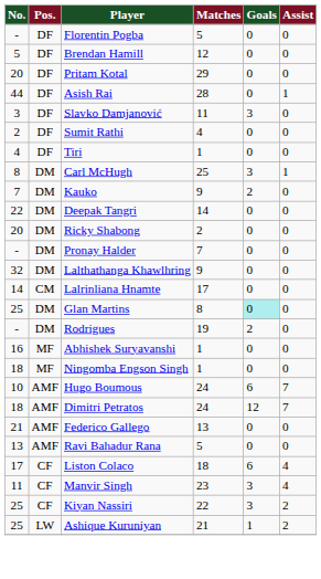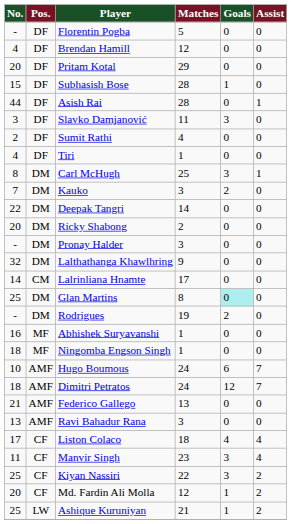 <table class="wikitable plainrowheaders sortable">
 <tr>
 <th style="background:#1A5026; color:#FFFFFF; ">No.</th>
 <th style="background:#7A1024; color:#FFFFFF; ">Pos.</th>
 <th style="background:#1A5026; color:#FFFFFF; ">Player</th>
 <th style="background:#7A1024; color:#FFFFFF; ">Matches</th>
 <th style="background:#1A5026; color:#FFFFFF; ">Goals</th>
 <th style="background:#7A1024; color:#FFFFFF; ">Assist</th>
 </tr>
 <tr>
 <td align=center>-</td>
 <td align=center>DF</td>
 <td> <a href='#'>Florentin Pogba</a></td>
 <td>5</td>
 <td>0</td>
 <td>0</td>
 </tr>
 <tr>
-<td align=center>5</td>
+<td align=center>4</td>
 <td align=center>DF</td>
 <td> <a href='#'>Brendan Hamill</a></td>
 <td>12</td>
 <td>0</td>
 <td>0</td>
 </tr>
 <tr>
 <td align=center>20</td>
 <td align=center>DF</td>
 <td> <a href='#'>Pritam Kotal </a></td>
 <td>29</td>
 <td>0</td>
+<td>0</td>
+</tr>
+<tr>
+<td align=center>15</td>
+<td align=center>DF</td>
+<td> <a href='#'>Subhasish Bose </a></td>
+<td>28</td>
+<td>1</td>
 <td>0</td>
 </tr>
 <tr>
 <td align=center>44</td>
 <td align=center>DF</td>
 <td> <a href='#'>Asish Rai </a></td>
 <td>28</td>
 <td>0</td>
 <td>1</td>
 </tr>
 <tr>
 <td align=center>3</td>
 <td align=center>DF</td>
 <td> <a href='#'>Slavko Damjanović </a></td>
 <td>11</td>
 <td>3</td>
 <td>0</td>
 </tr>
 <tr>
 <td align=center>2</td>
 <td align=center>DF</td>
 <td> <a href='#'>Sumit Rathi</a></td>
 <td>4</td>
 <td>0</td>
 <td>0</td>
 </tr>
 <tr>
 <td align=center>4</td>
 <td align=center>DF</td>
 <td> <a href='#'>Tiri</a></td>
 <td>1</td>
 <td>0</td>
 <td>0</td>
 </tr>
 <tr>
 <td align=center>8</td>
 <td align=center>DM</td>
 <td> <a href='#'>Carl McHugh</a></td>
 <td>25</td>
 <td>3</td>
 <td>1</td>
 </tr>
 <tr>
 <td align=center>7</td>
 <td align=center>DM</td>
 <td> <a href='#'>Kauko</a></td>
-<td>9</td>
+<td>3</td>
 <td>2</td>
 <td>0</td>
 </tr>
 <tr>
 <td align=center>22</td>
 <td align=center>DM</td>
 <td> <a href='#'>Deepak Tangri</a></td>
 <td>14</td>
 <td>0</td>
 <td>0</td>
 </tr>
 <tr>
 <td align=center>20</td>
 <td align=center>DM</td>
 <td> <a href='#'>Ricky Shabong</a></td>
 <td>2</td>
 <td>0</td>
 <td>0</td>
 </tr>
 <tr>
 <td align=center>-</td>
 <td align=center>DM</td>
 <td> <a href='#'>Pronay Halder</a></td>
-<td>7</td>
+<td>3</td>
 <td>0</td>
 <td>0</td>
 </tr>
 <tr>
 <td align=center>32</td>
 <td align=center>DM</td>
 <td> <a href='#'>Lalthathanga Khawlhring</a></td>
 <td>9</td>
 <td>0</td>
 <td>0</td>
 </tr>
 <tr>
 <td align=center>14</td>
 <td align=center>CM</td>
 <td> <a href='#'>Lalrinliana Hnamte</a></td>
 <td>17</td>
 <td>0</td>
 <td>0</td>
 </tr>
 <tr>
 <td align=center>25</td>
 <td align=center>DM</td>
 <td> <a href='#'>Glan Martins</a></td>
 <td>8</td>
 <td style="background: paleturquoise;">0</td>
 <td>0</td>
 </tr>
 <tr>
 <td align=center>-</td>
 <td align=center>DM</td>
 <td> <a href='#'>Rodrigues</a></td>
 <td>19</td>
 <td>2</td>
 <td>0</td>
 </tr>
 <tr>
 <td align=center>16</td>
 <td align=center>MF</td>
 <td> <a href='#'>Abhishek Suryavanshi</a></td>
 <td>1</td>
 <td>0</td>
 <td>0</td>
 </tr>
 <tr>
 <td align=center>18</td>
 <td align=center>MF</td>
 <td> <a href='#'>Ningomba Engson Singh</a></td>
 <td>1</td>
 <td>0</td>
 <td>0</td>
 </tr>
 <tr>
 <td align=center>10</td>
 <td align=center>AMF</td>
 <td> <a href='#'>Hugo Boumous</a></td>
 <td>24</td>
 <td>6</td>
 <td>7</td>
 </tr>
 <tr>
 <td align=center>18</td>
 <td align=center>AMF</td>
 <td> <a href='#'>Dimitri Petratos</a></td>
 <td>24</td>
 <td>12</td>
 <td>7</td>
 </tr>
 <tr>
 <td align=center>21</td>
 <td align=center>AMF</td>
 <td> <a href='#'>Federico Gallego</a></td>
 <td>13</td>
 <td>0</td>
 <td>0</td>
 </tr>
 <tr>
 <td align=center>13</td>
 <td align=center>AMF</td>
 <td> <a href='#'>Ravi Bahadur Rana</a></td>
-<td>5</td>
+<td>3</td>
 <td>0</td>
 <td>0</td>
 </tr>
 <tr>
 <td align=center>17</td>
 <td align=center>CF</td>
 <td> <a href='#'>Liston Colaco</a></td>
 <td>18</td>
-<td>6</td>
+<td>4</td>
 <td>4</td>
 </tr>
 <tr>
 <td align=center>11</td>
 <td align=center>CF</td>
 <td> <a href='#'>Manvir Singh</a></td>
 <td>23</td>
 <td>3</td>
 <td>4</td>
 </tr>
 <tr>
 <td align=center>25</td>
 <td align=center>CF</td>
 <td> <a href='#'>Kiyan Nassiri</a></td>
 <td>22</td>
 <td>3</td>
 <td>2</td>
 </tr>
 <tr>
+<td align=center>20</td>
+<td align=center>CF</td>
+<td> Md. Fardin Ali Molla</td>
+<td>12</td>
+<td>1</td>
+<td>2</td>
+</tr>
+<tr>
 <td align=center>25</td>
 <td align=center>LW</td>
 <td> <a href='#'>Ashique Kuruniyan</a></td>
 <td>21</td>
 <td>1</td>
 <td>2</td>
 </tr>
 <tr>
 </tr>
 </table>
